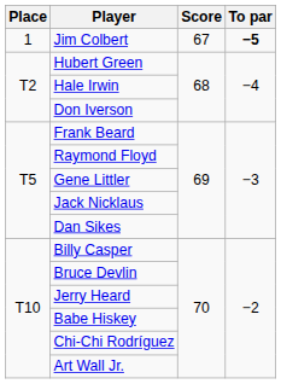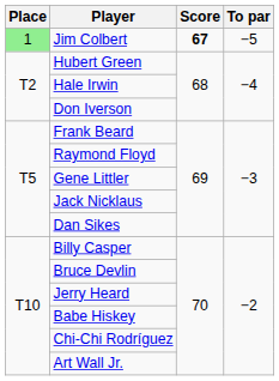 <table class="wikitable">
 <tr>
 <th>Place</th>
 <th>Player</th>
 <th>Score</th>
 <th>To par</th>
 </tr>
 <tr>
-<td align="center">1</td>
+<td align="center" style="background: lightgreen;">1</td>
 <td> <a href='#'>Jim Colbert</a></td>
-<td align="center">67</td>
-<td align="center"><strong>−5</strong></td>
+<td align="center"><strong>67</strong></td>
+<td align="center">−5</td>
 </tr>
 <tr>
 <td rowspan=3 align="center">T2</td>
 <td> <a href='#'>Hubert Green</a></td>
 <td rowspan=3 align="center">68</td>
 <td rowspan=3 align="center">−4</td>
 </tr>
 <tr>
 <td> <a href='#'>Hale Irwin</a></td>
 </tr>
 <tr>
 <td> <a href='#'>Don Iverson</a></td>
 </tr>
 <tr>
 <td rowspan=5 align="center">T5</td>
 <td> <a href='#'>Frank Beard</a></td>
 <td rowspan=5 align="center">69</td>
 <td rowspan=5 align="center">−3</td>
 </tr>
 <tr>
 <td> <a href='#'>Raymond Floyd</a></td>
 </tr>
 <tr>
 <td> <a href='#'>Gene Littler</a></td>
 </tr>
 <tr>
 <td> <a href='#'>Jack Nicklaus</a></td>
 </tr>
 <tr>
 <td> <a href='#'>Dan Sikes</a></td>
 </tr>
 <tr>
 <td rowspan=6 align="center">T10</td>
 <td> <a href='#'>Billy Casper</a></td>
 <td rowspan=6 align="center">70</td>
 <td rowspan=6 align="center">−2</td>
 </tr>
 <tr>
 <td> <a href='#'>Bruce Devlin</a></td>
 </tr>
 <tr>
 <td> <a href='#'>Jerry Heard</a></td>
 </tr>
 <tr>
 <td> <a href='#'>Babe Hiskey</a></td>
 </tr>
 <tr>
 <td> <a href='#'>Chi-Chi Rodríguez</a></td>
 </tr>
 <tr>
 <td> <a href='#'>Art Wall Jr.</a></td>
 </tr>
 </table>
